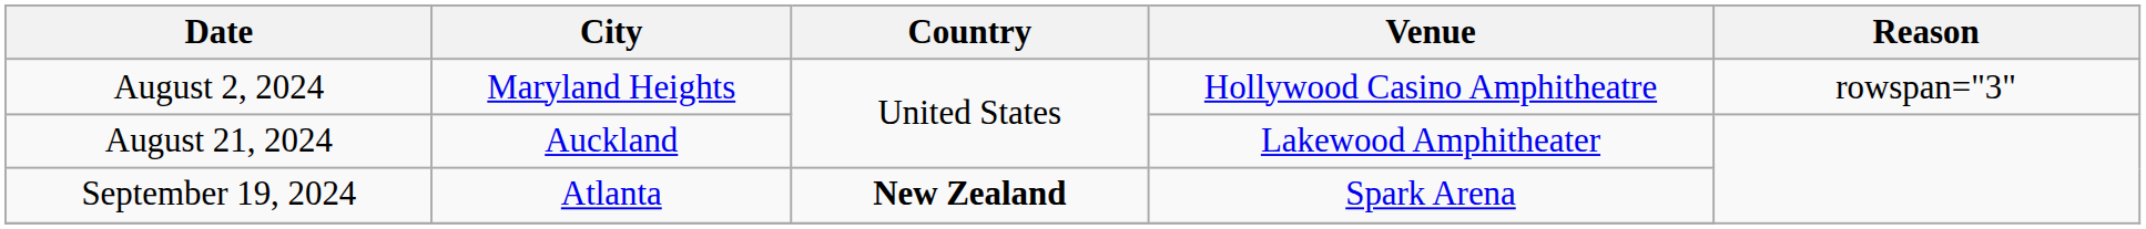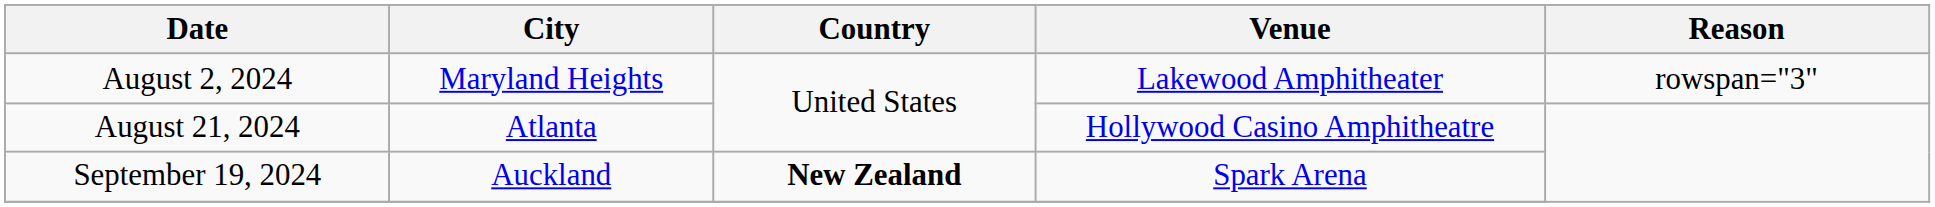 <table class="wikitable plainrowheaders" style="text-align:center;">
 <tr>
 <th scope="col" style="width:12em;">Date</th>
 <th scope="col" style="width:10em;">City</th>
 <th scope="col" style="width:10em;">Country</th>
 <th scope="col" style="width:16em;">Venue</th>
 <th scope="col" style="width:12em;">Reason</th>
 </tr>
 <tr>
 <td>August 2, 2024</td>
 <td><a href='#'>Maryland Heights</a></td>
 <td rowspan="2">United States</td>
-<td><a href='#'>Hollywood Casino Amphitheatre</a></td>
+<td><a href='#'>Lakewood Amphitheater</a></td>
 <td>rowspan="3" </td>
 </tr>
 <tr>
 <td>August 21, 2024</td>
-<td><a href='#'>Auckland</a></td>
-<td><a href='#'>Lakewood Amphitheater</a></td>
+<td><a href='#'>Atlanta</a></td>
+<td><a href='#'>Hollywood Casino Amphitheatre</a></td>
 </tr>
 <tr>
 <td>September 19, 2024</td>
-<td><a href='#'>Atlanta</a></td>
+<td><a href='#'>Auckland</a></td>
 <td><strong>New Zealand</strong></td>
 <td><a href='#'>Spark Arena</a></td>
 </tr>
 <tr>
 </tr>
 </table>
